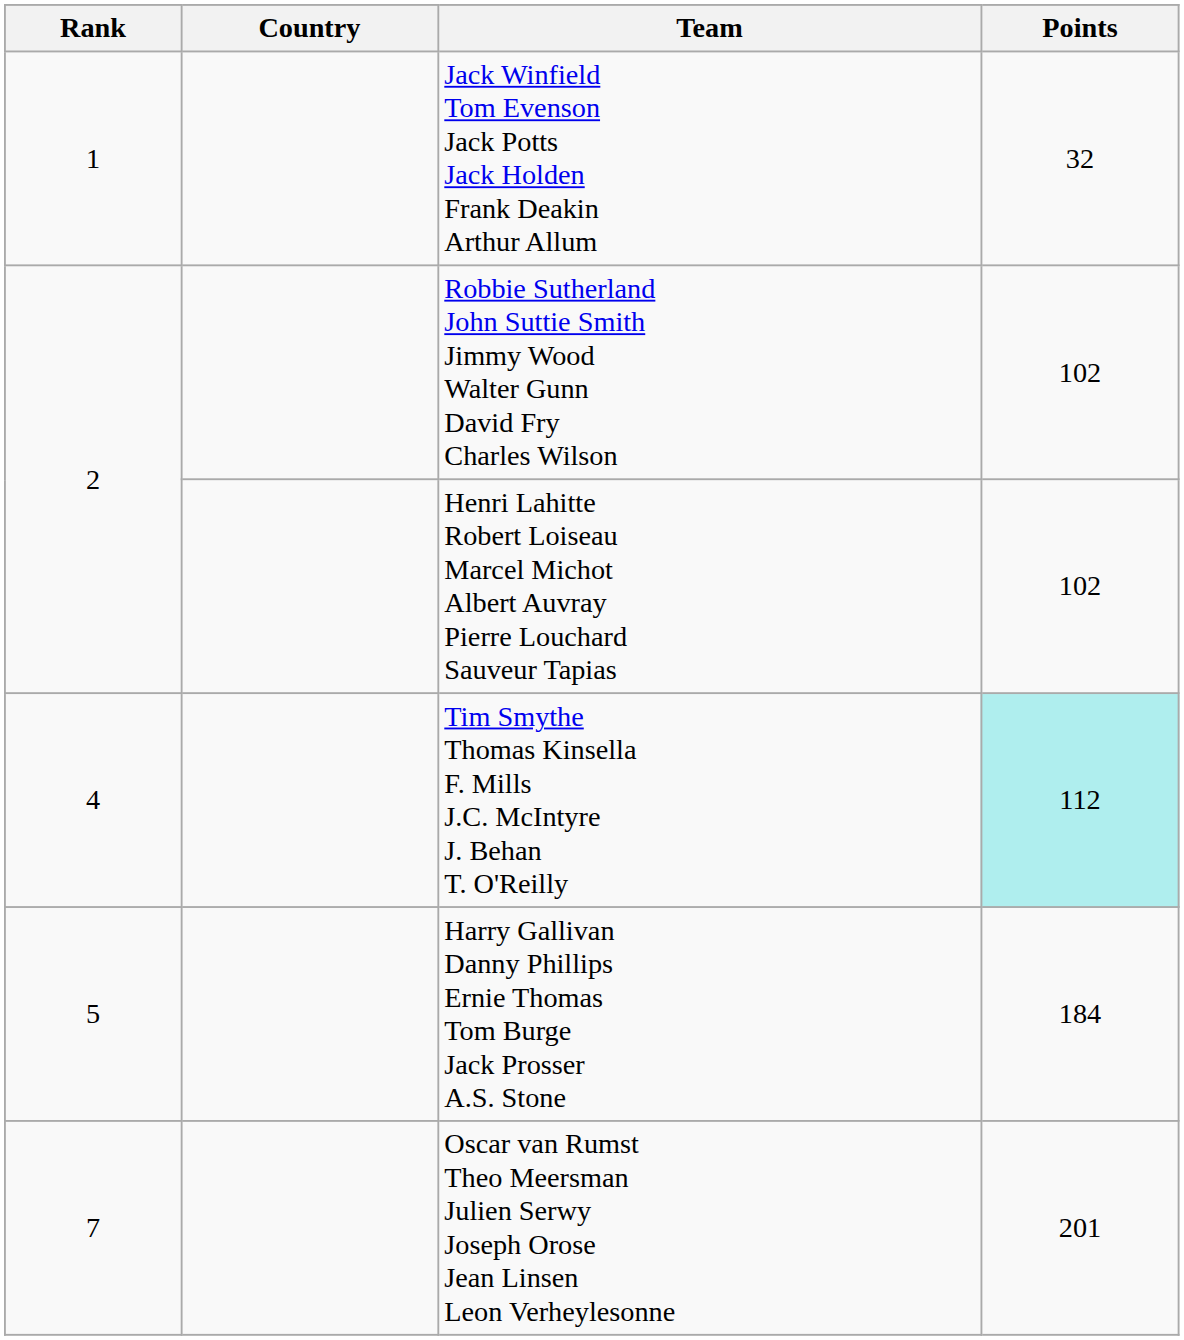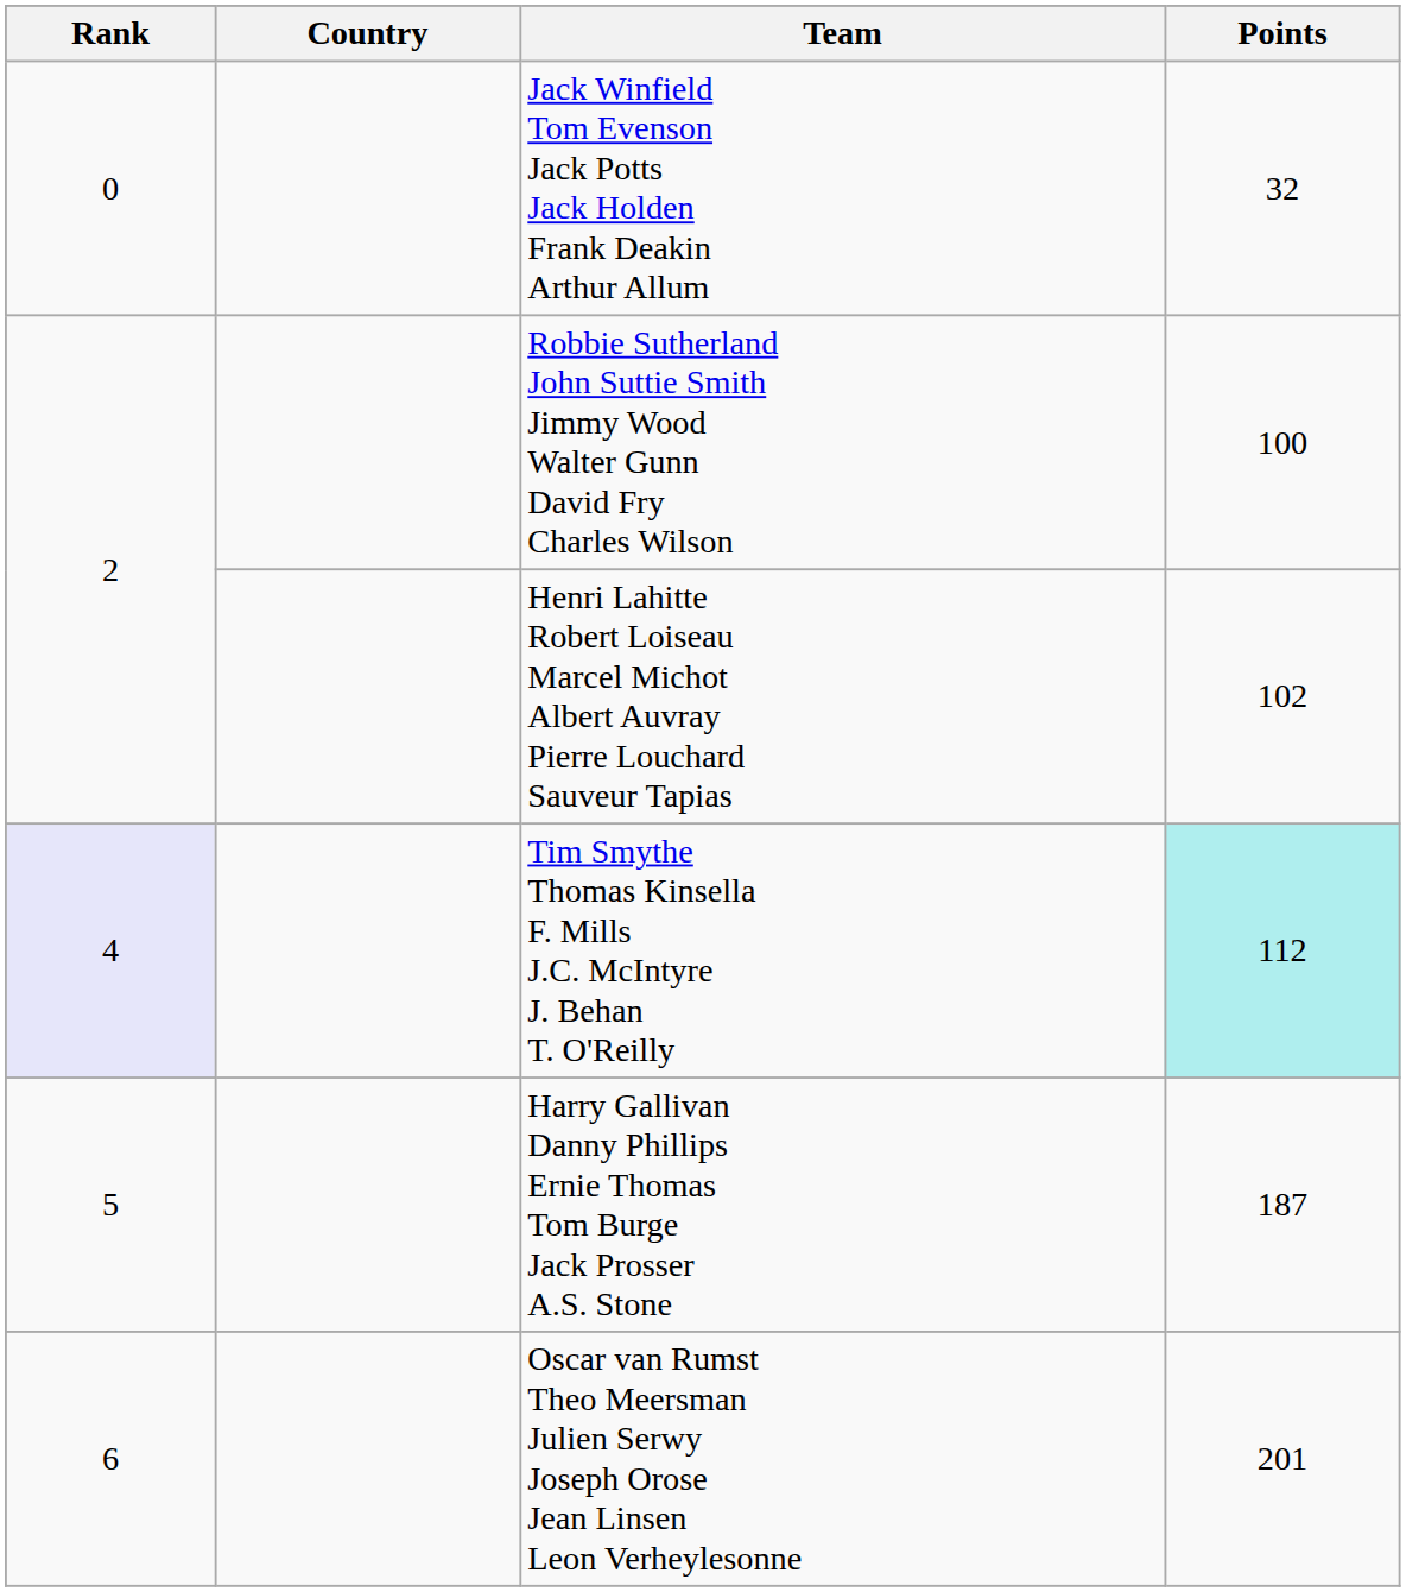 <table class="wikitable sortable" style=" text-align:center; font-size:95%;" width="50%">
 <tr>
 <th>Rank</th>
 <th>Country</th>
 <th>Team</th>
 <th>Points</th>
 </tr>
 <tr>
-<td align=center>1</td>
+<td align=center>0</td>
 <td align=left></td>
 <td align=left><a href='#'>Jack Winfield</a><br><a href='#'>Tom Evenson</a><br>Jack Potts<br><a href='#'>Jack Holden</a><br>Frank Deakin<br>Arthur Allum</td>
 <td>32</td>
 </tr>
 <tr>
 <td rowspan=2 align=center>2</td>
 <td align=left></td>
 <td align=left><a href='#'>Robbie Sutherland</a><br><a href='#'>John Suttie Smith</a><br>Jimmy Wood<br>Walter Gunn<br>David Fry<br>Charles Wilson</td>
-<td>102</td>
+<td>100</td>
 </tr>
 <tr>
 <td align=left></td>
 <td align=left>Henri Lahitte<br>Robert Loiseau<br>Marcel Michot<br>Albert Auvray<br>Pierre Louchard<br>Sauveur Tapias</td>
 <td>102</td>
 </tr>
 <tr>
-<td align=center>4</td>
+<td align=center style="background: lavender;">4</td>
 <td align=left></td>
 <td align=left><a href='#'>Tim Smythe</a><br>Thomas Kinsella<br>F. Mills<br>J.C. McIntyre<br>J. Behan<br>T. O'Reilly</td>
 <td style="background: paleturquoise;">112</td>
 </tr>
 <tr>
 <td align=center>5</td>
 <td align=left></td>
 <td align=left>Harry Gallivan<br>Danny Phillips<br>Ernie Thomas<br>Tom Burge<br>Jack Prosser<br>A.S. Stone</td>
-<td>184</td>
+<td>187</td>
 </tr>
 <tr>
-<td align=center>7</td>
+<td align=center>6</td>
 <td align=left></td>
 <td align=left>Oscar van Rumst<br>Theo Meersman<br>Julien Serwy<br>Joseph Orose<br>Jean Linsen<br>Leon Verheylesonne</td>
 <td>201</td>
 </tr>
 </table>
